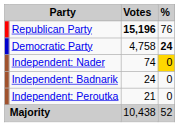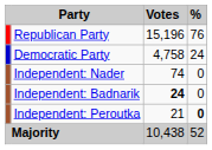 <table class="wikitable">
 <tr bgcolor="CCCCCC">
 <td colspan="2" rowspan="1" align="center" valign="top"><strong>Party</strong></td>
 <td valign="top"><strong>Votes</strong></td>
 <td valign="top"><strong>%</strong></td>
 </tr>
 <tr>
 <td style="color:inherit;background:#ff0000"></td>
 <td><a href='#'>Republican Party</a></td>
-<td align="right"><strong>15,196</strong></td>
+<td align="right">15,196</td>
 <td align="right">76</td>
 </tr>
 <tr>
 <td style="color:inherit;background:#0000cd"></td>
 <td><a href='#'>Democratic Party</a></td>
 <td align="right">4,758</td>
-<td align="right"><strong>24</strong></td>
+<td align="right">24</td>
 </tr>
 <tr>
 <td style="color:inherit;background:#a0522d"></td>
 <td><a href='#'>Independent: Nader</a></td>
 <td align="right">74</td>
-<td align="right" style="background: gold;">0</td>
+<td align="right">0</td>
 </tr>
 <tr>
 <td style="color:inherit;background:#a0522d"></td>
 <td><a href='#'>Independent: Badnarik</a></td>
-<td align="right">24</td>
+<td align="right"><strong>24</strong></td>
 <td align="right">0</td>
 </tr>
 <tr>
 <td style="color:inherit;background:#a0522d"></td>
 <td><a href='#'>Independent: Peroutka</a></td>
 <td align="right">21</td>
-<td align="right">0</td>
+<td align="right"><strong>0</strong></td>
 </tr>
 <tr bgcolor="CCCCCC">
 <td colspan="2" rowspan="1"> <strong>Majority</strong></td>
 <td align="right">10,438</td>
 <td align="right">52</td>
 </tr>
 </table>
